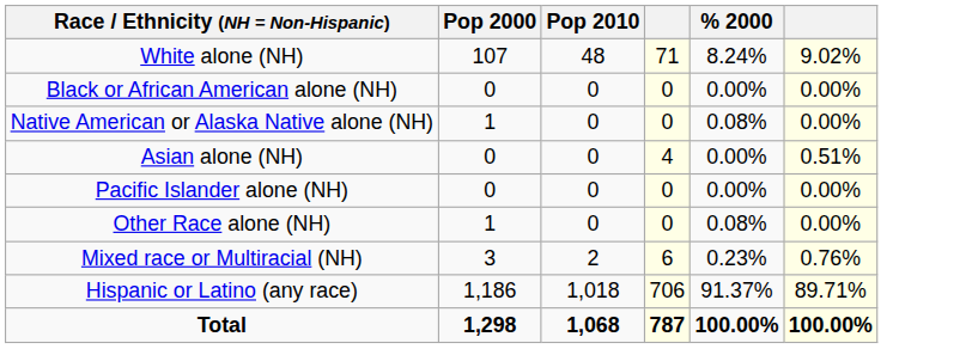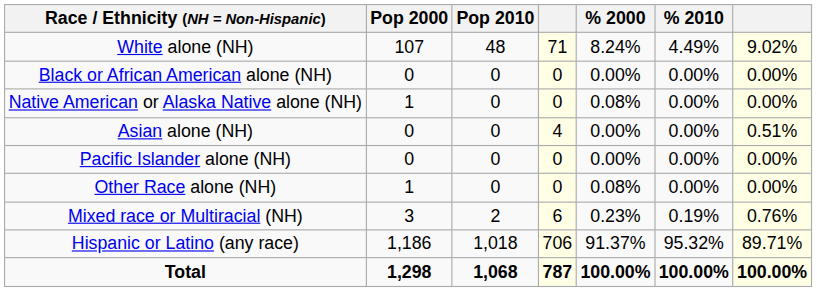 <table class="wikitable" style="text-align:center;">
 <tr>
 <th>Race / Ethnicity <small>(<em>NH = Non-Hispanic</em>)</small></th>
 <th>Pop 2000</th>
 <th>Pop 2010</th>
 <th></th>
 <th>% 2000</th>
+<th>% 2010</th>
 <th></th>
 </tr>
 <tr>
 <td><a href='#'>White</a> alone (NH)</td>
 <td>107</td>
 <td>48</td>
 <td style='background: #ffffe6;'>71</td>
 <td>8.24%</td>
+<td>4.49%</td>
 <td style='background: #ffffe6;'>9.02%</td>
 </tr>
 <tr>
 <td><a href='#'>Black or African American</a> alone (NH)</td>
 <td>0</td>
 <td>0</td>
 <td style='background: #ffffe6;'>0</td>
+<td>0.00%</td>
 <td>0.00%</td>
 <td style='background: #ffffe6;'>0.00%</td>
 </tr>
 <tr>
 <td><a href='#'>Native American</a> or <a href='#'>Alaska Native</a> alone (NH)</td>
 <td>1</td>
 <td>0</td>
 <td style='background: #ffffe6;'>0</td>
 <td>0.08%</td>
+<td>0.00%</td>
 <td style='background: #ffffe6;'>0.00%</td>
 </tr>
 <tr>
 <td><a href='#'>Asian</a> alone (NH)</td>
 <td>0</td>
 <td>0</td>
 <td style='background: #ffffe6;'>4</td>
+<td>0.00%</td>
 <td>0.00%</td>
 <td style='background: #ffffe6;'>0.51%</td>
 </tr>
 <tr>
 <td><a href='#'>Pacific Islander</a> alone (NH)</td>
 <td>0</td>
 <td>0</td>
 <td style='background: #ffffe6;'>0</td>
 <td>0.00%</td>
+<td>0.00%</td>
 <td style='background: #ffffe6;'>0.00%</td>
 </tr>
 <tr>
 <td><a href='#'>Other Race</a> alone (NH)</td>
 <td>1</td>
 <td>0</td>
 <td style='background: #ffffe6;'>0</td>
 <td>0.08%</td>
+<td>0.00%</td>
 <td style='background: #ffffe6;'>0.00%</td>
 </tr>
 <tr>
 <td><a href='#'>Mixed race or Multiracial</a> (NH)</td>
 <td>3</td>
 <td>2</td>
 <td style='background: #ffffe6;'>6</td>
 <td>0.23%</td>
+<td>0.19%</td>
 <td style='background: #ffffe6;'>0.76%</td>
 </tr>
 <tr>
 <td><a href='#'>Hispanic or Latino</a> (any race)</td>
 <td>1,186</td>
 <td>1,018</td>
 <td style='background: #ffffe6;'>706</td>
 <td>91.37%</td>
+<td>95.32%</td>
 <td style='background: #ffffe6;'>89.71%</td>
 </tr>
 <tr>
 <td><strong>Total</strong></td>
 <td><strong>1,298</strong></td>
 <td><strong>1,068</strong></td>
 <td style='background: #ffffe6;'><strong>787</strong></td>
 <td><strong>100.00%</strong></td>
+<td><strong>100.00%</strong></td>
 <td style='background: #ffffe6;'><strong>100.00%</strong></td>
 </tr>
 </table>
